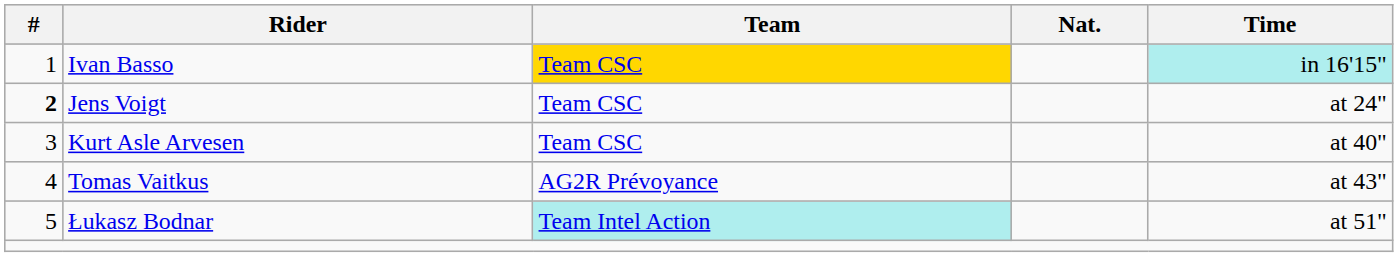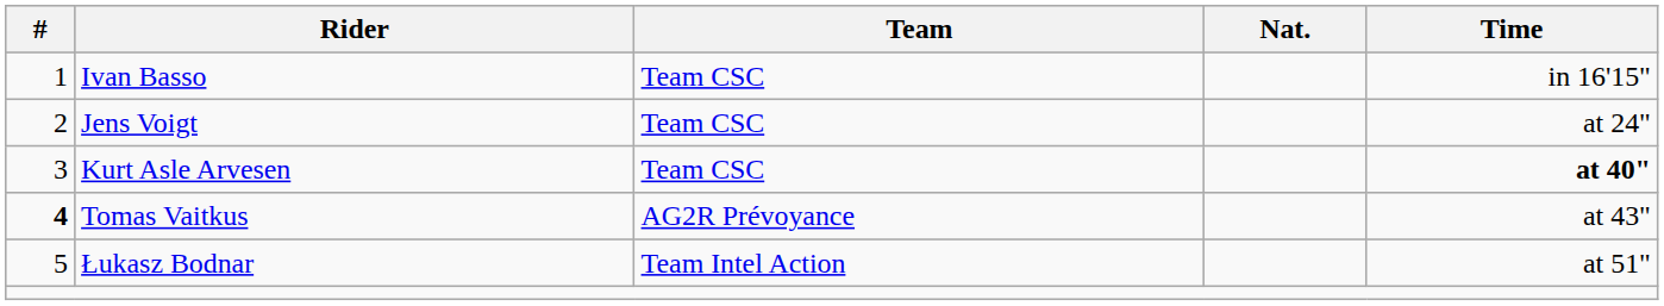 <table class=wikitable style="font-size:95%" width="70%">
 <tr>
 <th align=right>#</th>
 <th>Rider</th>
 <th>Team</th>
 <th>Nat.</th>
 <th align=right>Time</th>
 </tr>
 <tr>
 <td align=right>1</td>
 <td><a href='#'>Ivan Basso</a></td>
-<td style="background: gold;"><a href='#'>Team CSC</a></td>
+<td><a href='#'>Team CSC</a></td>
 <td></td>
-<td align=right style="background: paleturquoise;">in 16'15"</td>
+<td align=right>in 16'15"</td>
 </tr>
 <tr>
-<td align=right><strong>2</strong></td>
+<td align=right>2</td>
 <td><a href='#'>Jens Voigt</a></td>
 <td><a href='#'>Team CSC</a></td>
 <td></td>
 <td align=right>at 24"</td>
 </tr>
 <tr>
 <td align=right>3</td>
 <td><a href='#'>Kurt Asle Arvesen</a></td>
 <td><a href='#'>Team CSC</a></td>
 <td></td>
-<td align=right>at 40"</td>
+<td align=right><strong>at 40"</strong></td>
 </tr>
 <tr>
-<td align=right>4</td>
+<td align=right><strong>4</strong></td>
 <td><a href='#'>Tomas Vaitkus</a></td>
 <td><a href='#'>AG2R Prévoyance</a></td>
 <td></td>
 <td align=right>at 43"</td>
 </tr>
 <tr>
 <td align=right>5</td>
 <td><a href='#'>Łukasz Bodnar</a></td>
-<td style="background: paleturquoise;"><a href='#'>Team Intel Action</a></td>
+<td><a href='#'>Team Intel Action</a></td>
 <td></td>
 <td align=right>at 51"</td>
 </tr>
 <tr>
 <td align=right colspan=5></td>
 </tr>
 </table>
